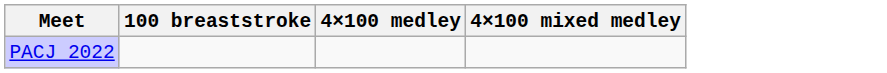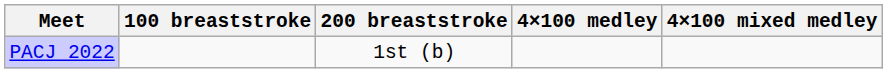 <table class="sortable wikitable">
 <tr>
 <th>Meet</th>
 <th class="unsortable">100 breaststroke</th>
+<th class="unsortable">200 breaststroke</th>
 <th class="unsortable">4×100 medley</th>
 <th class="unsortable">4×100 mixed medley</th>
 </tr>
 <tr>
 <td style="background:#ccccff"><a href='#'>PACJ 2022</a></td>
 <td align="center"></td>
+<td align="center">1st (b)</td>
 <td align="center"></td>
 <td align="center"></td>
 </tr>
 </table>
